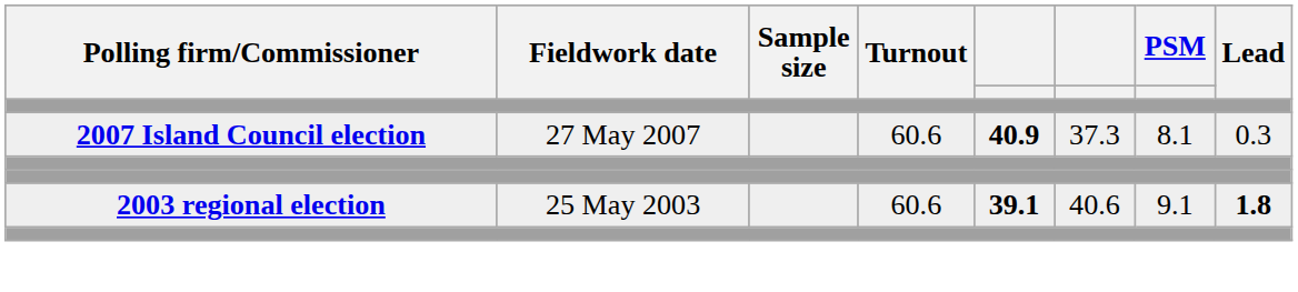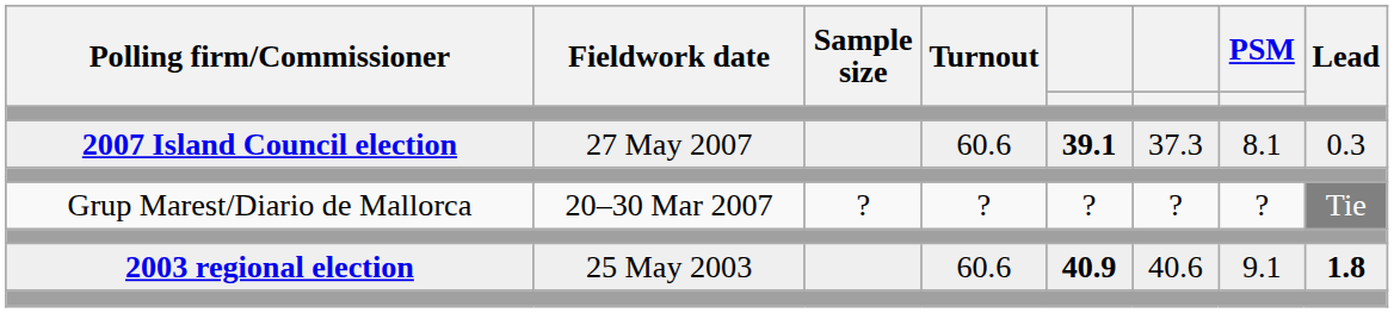 <table class="wikitable collapsible collapsed" style="text-align:center; font-size:95%; line-height:16px;">
 <tr style="height:42px;">
 <th style="width:250px;" rowspan="2">Polling firm/Commissioner</th>
 <th style="width:125px;" rowspan="2">Fieldwork date</th>
 <th style="width:50px;" rowspan="2">Sample size</th>
 <th style="width:45px;" rowspan="2">Turnout</th>
 <th style="width:35px;"></th>
 <th style="width:35px;"></th>
 <th style="width:35px;"><a href='#'>PSM</a></th>
 <th style="width:30px;" rowspan="2">Lead</th>
 </tr>
 <tr>
 <th style="color:inherit;background:"></th>
 <th style="color:inherit;background:"></th>
 <th style="color:inherit;background:"></th>
 </tr>
 <tr>
 <td colspan="8" style="background:#A0A0A0"></td>
 </tr>
 <tr style="background:#EFEFEF;">
 <td><strong><a href='#'>2007 Island Council election</a></strong></td>
 <td>27 May 2007</td>
 <td></td>
 <td>60.6</td>
-<td><strong>40.9</strong><br></td>
+<td><strong>39.1</strong><br></td>
 <td>37.3<br></td>
 <td>8.1<br></td>
 <td style="background:">0.3</td>
 </tr>
 <tr>
 <td colspan="8" style="background:#A0A0A0"></td>
+</tr>
+<tr>
+<td>Grup Marest/Diario de Mallorca</td>
+<td>20–30 Mar 2007</td>
+<td>?</td>
+<td>?</td>
+<td>?<br></td>
+<td>?<br></td>
+<td>?<br></td>
+<td style="background:gray; color:white;">Tie</td>
 </tr>
 <tr>
 <td colspan="8" style="background:#A0A0A0"></td>
 </tr>
 <tr style="background:#EFEFEF;">
 <td><strong><a href='#'>2003 regional election</a></strong></td>
 <td>25 May 2003</td>
 <td></td>
 <td>60.6</td>
-<td><strong>39.1</strong><br></td>
+<td><strong>40.9</strong><br></td>
 <td>40.6<br></td>
 <td>9.1<br></td>
 <td style="background:"><strong>1.8</strong></td>
 </tr>
 <tr>
 <td colspan="8" style="background:#A0A0A0"></td>
 </tr>
 </table>
